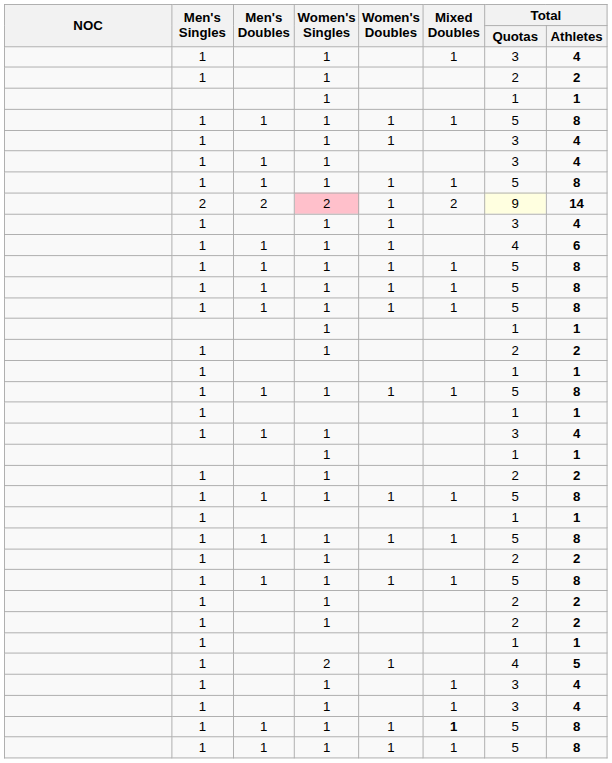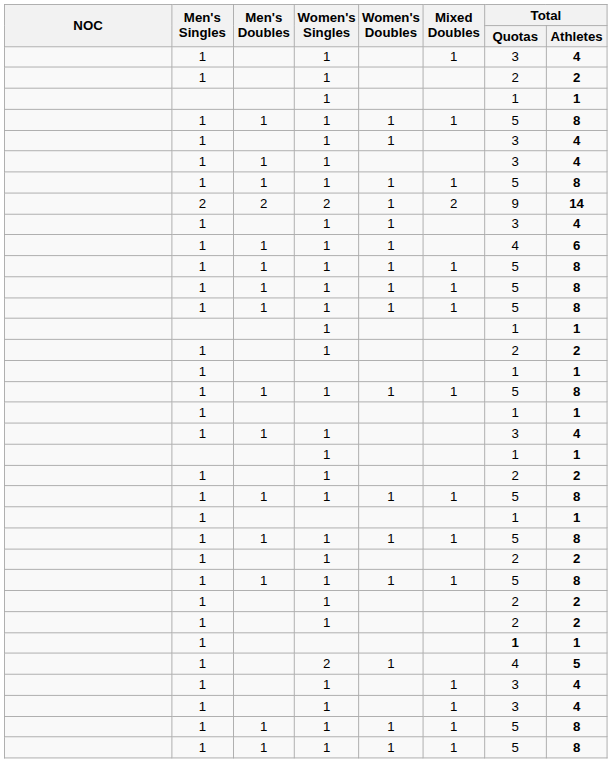 <table class="wikitable" style="text-align:center; font-size:90%">
 <tr>
 <th rowspan="2" width=175>NOC</th>
 <th rowspan="2" width=60>Men's <br>Singles</th>
 <th rowspan="2" width=60>Men's <br>Doubles</th>
 <th rowspan="2" width=60>Women's <br>Singles</th>
 <th rowspan="2" width=60>Women's <br>Doubles</th>
 <th rowspan="2" width=60>Mixed <br>Doubles</th>
 <th colspan="2">Total</th>
 </tr>
 <tr>
 <th width=60>Quotas</th>
 <th width=60>Athletes</th>
 </tr>
 <tr>
 <td align=left></td>
 <td>1</td>
 <td></td>
 <td>1</td>
 <td></td>
 <td>1</td>
 <td>3</td>
 <td><strong>4</strong></td>
 </tr>
 <tr>
 <td align=left></td>
 <td>1</td>
 <td></td>
 <td>1</td>
 <td></td>
 <td></td>
 <td>2</td>
 <td><strong>2</strong></td>
 </tr>
 <tr>
 <td align=left></td>
 <td></td>
 <td></td>
 <td>1</td>
 <td></td>
 <td></td>
 <td>1</td>
 <td><strong>1</strong></td>
 </tr>
 <tr>
 <td align=left></td>
 <td>1</td>
 <td>1</td>
 <td>1</td>
 <td>1</td>
 <td>1</td>
 <td>5</td>
 <td><strong>8</strong></td>
 </tr>
 <tr>
 <td align=left></td>
 <td>1</td>
 <td></td>
 <td>1</td>
 <td>1</td>
 <td></td>
 <td>3</td>
 <td><strong>4</strong></td>
 </tr>
 <tr>
 <td align=left></td>
 <td>1</td>
 <td>1</td>
 <td>1</td>
 <td></td>
 <td></td>
 <td>3</td>
 <td><strong>4</strong></td>
 </tr>
 <tr>
 <td align=left></td>
 <td>1</td>
 <td>1</td>
 <td>1</td>
 <td>1</td>
 <td>1</td>
 <td>5</td>
 <td><strong>8</strong></td>
 </tr>
 <tr>
 <td align=left></td>
 <td>2</td>
 <td>2</td>
-<td style="background: pink;">2</td>
+<td>2</td>
 <td>1</td>
 <td>2</td>
-<td style="background: lightyellow;">9</td>
+<td>9</td>
 <td><strong>14</strong></td>
 </tr>
 <tr>
 <td align=left></td>
 <td>1</td>
 <td></td>
 <td>1</td>
 <td>1</td>
 <td></td>
 <td>3</td>
 <td><strong>4</strong></td>
 </tr>
 <tr>
 <td align=left></td>
 <td>1</td>
 <td>1</td>
 <td>1</td>
 <td>1</td>
 <td></td>
 <td>4</td>
 <td><strong>6</strong></td>
 </tr>
 <tr>
 <td align=left></td>
 <td>1</td>
 <td>1</td>
 <td>1</td>
 <td>1</td>
 <td>1</td>
 <td>5</td>
 <td><strong>8</strong></td>
 </tr>
 <tr>
 <td align=left></td>
 <td>1</td>
 <td>1</td>
 <td>1</td>
 <td>1</td>
 <td>1</td>
 <td>5</td>
 <td><strong>8</strong></td>
 </tr>
 <tr>
 <td align=left></td>
 <td>1</td>
 <td>1</td>
 <td>1</td>
 <td>1</td>
 <td>1</td>
 <td>5</td>
 <td><strong>8</strong></td>
 </tr>
 <tr>
 <td align=left></td>
 <td></td>
 <td></td>
 <td>1</td>
 <td></td>
 <td></td>
 <td>1</td>
 <td><strong>1</strong></td>
 </tr>
 <tr>
 <td align=left></td>
 <td>1</td>
 <td></td>
 <td>1</td>
 <td></td>
 <td></td>
 <td>2</td>
 <td><strong>2</strong></td>
 </tr>
 <tr>
 <td align=left></td>
 <td>1</td>
 <td></td>
 <td></td>
 <td></td>
 <td></td>
 <td>1</td>
 <td><strong>1</strong></td>
 </tr>
 <tr>
 <td align=left></td>
 <td>1</td>
 <td>1</td>
 <td>1</td>
 <td>1</td>
 <td>1</td>
 <td>5</td>
 <td><strong>8</strong></td>
 </tr>
 <tr>
 <td align=left></td>
 <td>1</td>
 <td></td>
 <td></td>
 <td></td>
 <td></td>
 <td>1</td>
 <td><strong>1</strong></td>
 </tr>
 <tr>
 <td align=left></td>
 <td>1</td>
 <td>1</td>
 <td>1</td>
 <td></td>
 <td></td>
 <td>3</td>
 <td><strong>4</strong></td>
 </tr>
 <tr>
 <td align=left></td>
 <td></td>
 <td></td>
 <td>1</td>
 <td></td>
 <td></td>
 <td>1</td>
 <td><strong>1</strong></td>
 </tr>
 <tr>
 <td align=left></td>
 <td>1</td>
 <td></td>
 <td>1</td>
 <td></td>
 <td></td>
 <td>2</td>
 <td><strong>2</strong></td>
 </tr>
 <tr>
 <td align=left></td>
 <td>1</td>
 <td>1</td>
 <td>1</td>
 <td>1</td>
 <td>1</td>
 <td>5</td>
 <td><strong>8</strong></td>
 </tr>
 <tr>
 <td align=left></td>
 <td>1</td>
 <td></td>
 <td></td>
 <td></td>
 <td></td>
 <td>1</td>
 <td><strong>1</strong></td>
 </tr>
 <tr>
 <td align=left></td>
 <td>1</td>
 <td>1</td>
 <td>1</td>
 <td>1</td>
 <td>1</td>
 <td>5</td>
 <td><strong>8</strong></td>
 </tr>
 <tr>
 <td align=left></td>
 <td>1</td>
 <td></td>
 <td>1</td>
 <td></td>
 <td></td>
 <td>2</td>
 <td><strong>2</strong></td>
 </tr>
 <tr>
 <td align=left></td>
 <td>1</td>
 <td>1</td>
 <td>1</td>
 <td>1</td>
 <td>1</td>
 <td>5</td>
 <td><strong>8</strong></td>
 </tr>
 <tr>
 <td align=left></td>
 <td>1</td>
 <td></td>
 <td>1</td>
 <td></td>
 <td></td>
 <td>2</td>
 <td><strong>2</strong></td>
 </tr>
 <tr>
 <td align=left></td>
 <td>1</td>
 <td></td>
 <td>1</td>
 <td></td>
 <td></td>
 <td>2</td>
 <td><strong>2</strong></td>
 </tr>
 <tr>
 <td align=left></td>
 <td>1</td>
 <td></td>
 <td></td>
 <td></td>
 <td></td>
-<td>1</td>
+<td><strong>1</strong></td>
 <td><strong>1</strong></td>
 </tr>
 <tr>
 <td align=left></td>
 <td>1</td>
 <td></td>
 <td>2</td>
 <td>1</td>
 <td></td>
 <td>4</td>
 <td><strong>5</strong></td>
 </tr>
 <tr>
 <td align=left></td>
 <td>1</td>
 <td></td>
 <td>1</td>
 <td></td>
 <td>1</td>
 <td>3</td>
 <td><strong>4</strong></td>
 </tr>
 <tr>
 <td align=left></td>
 <td>1</td>
 <td></td>
 <td>1</td>
 <td></td>
 <td>1</td>
 <td>3</td>
 <td><strong>4</strong></td>
 </tr>
 <tr>
 <td align=left></td>
 <td>1</td>
 <td>1</td>
 <td>1</td>
 <td>1</td>
-<td><strong>1</strong></td>
+<td>1</td>
 <td>5</td>
 <td><strong>8</strong></td>
 </tr>
 <tr>
 <td align=left></td>
 <td>1</td>
 <td>1</td>
 <td>1</td>
 <td>1</td>
 <td>1</td>
 <td>5</td>
 <td><strong>8</strong></td>
 </tr>
 </table>
